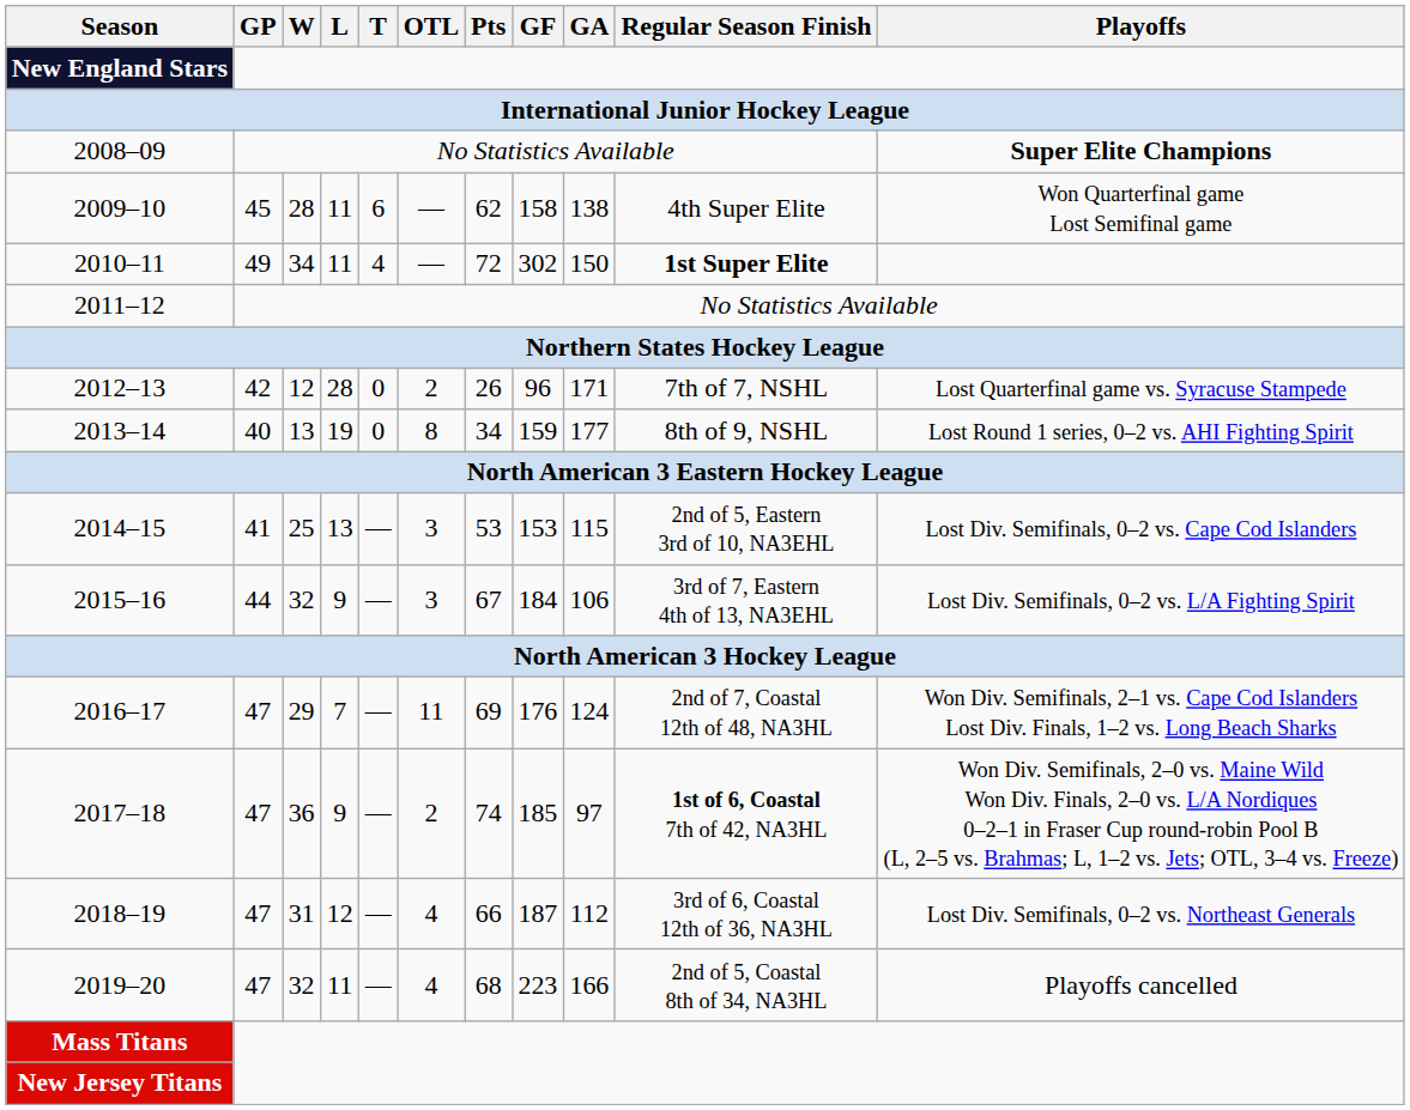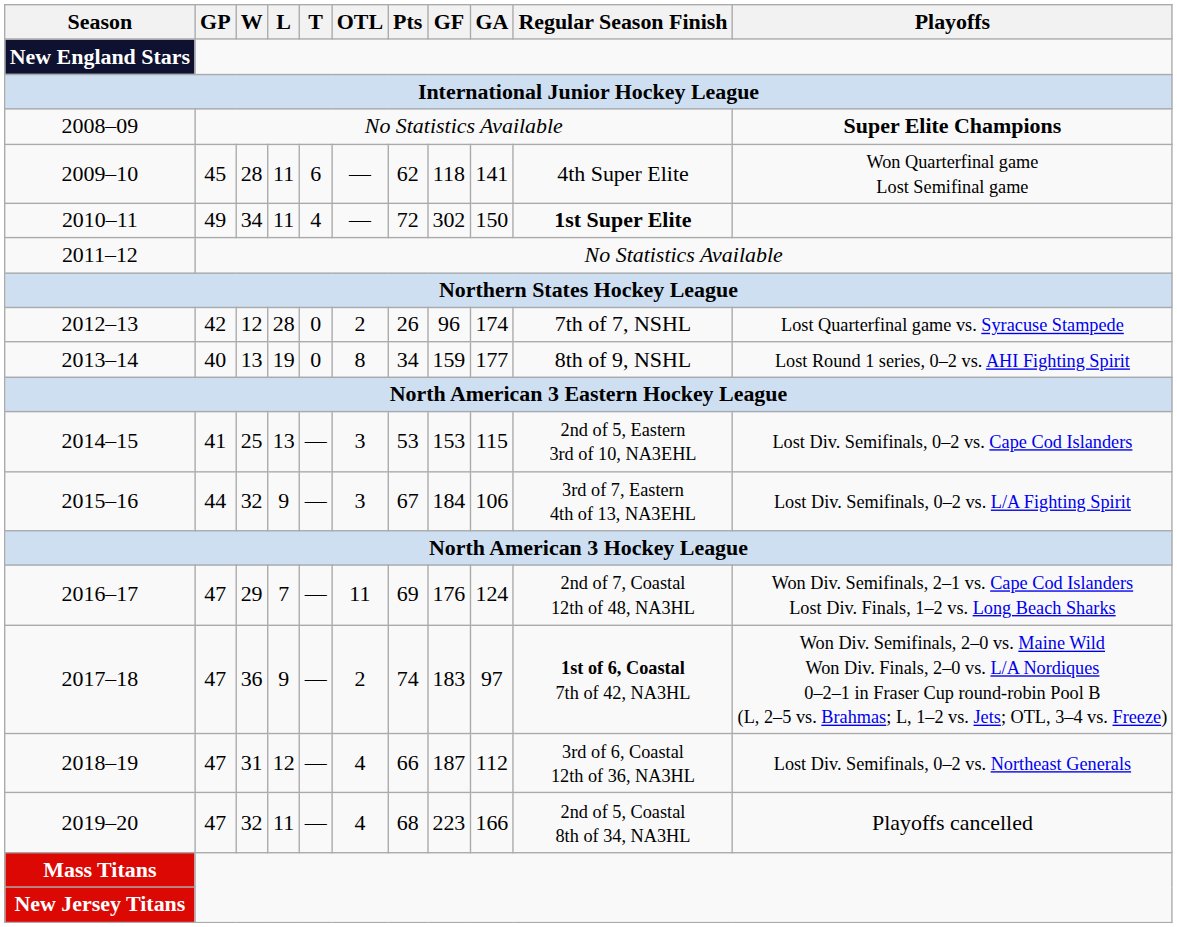 <table class="wikitable" style="text-align:center">
 <tr>
 <th>Season</th>
 <th>GP</th>
 <th>W</th>
 <th>L</th>
 <th>T</th>
 <th>OTL</th>
 <th>Pts</th>
 <th>GF</th>
 <th>GA</th>
 <th>Regular Season Finish</th>
 <th>Playoffs</th>
 </tr>
 <tr align="center">
 <td style="color:white; background:#0f1130; "><strong>New England Stars</strong></td>
 </tr>
 <tr style="background:#cedff2;">
 <td colspan="20"><strong>International Junior Hockey League</strong></td>
 </tr>
 <tr>
 <td>2008–09</td>
 <td colspan="9"><em>No Statistics Available</em></td>
 <td><strong>Super Elite Champions</strong></td>
 </tr>
 <tr>
 <td>2009–10</td>
 <td>45</td>
 <td>28</td>
 <td>11</td>
 <td>6</td>
 <td>—</td>
 <td>62</td>
-<td>158</td>
-<td>138</td>
+<td>118</td>
+<td>141</td>
 <td>4th Super Elite</td>
 <td><small>Won Quarterfinal game<br>Lost Semifinal game</small></td>
 </tr>
 <tr>
 <td>2010–11</td>
 <td>49</td>
 <td>34</td>
 <td>11</td>
 <td>4</td>
 <td>—</td>
 <td>72</td>
 <td>302</td>
 <td>150</td>
 <td><strong>1st Super Elite</strong></td>
 <td></td>
 </tr>
 <tr>
 <td>2011–12</td>
 <td colspan="10"><em>No Statistics Available</em></td>
 </tr>
 <tr style="background:#cedff2;">
 <td colspan="20"><strong>Northern States Hockey League</strong></td>
 </tr>
 <tr>
 <td>2012–13</td>
 <td>42</td>
 <td>12</td>
 <td>28</td>
 <td>0</td>
 <td>2</td>
 <td>26</td>
 <td>96</td>
-<td>171</td>
+<td>174</td>
 <td>7th of 7, NSHL</td>
 <td><small>Lost Quarterfinal game vs. <a href='#'>Syracuse Stampede</a></small></td>
 </tr>
 <tr>
 <td>2013–14</td>
 <td>40</td>
 <td>13</td>
 <td>19</td>
 <td>0</td>
 <td>8</td>
 <td>34</td>
 <td>159</td>
 <td>177</td>
 <td>8th of 9, NSHL</td>
 <td><small>Lost Round 1 series, 0–2 vs. <a href='#'>AHI Fighting Spirit</a></small></td>
 </tr>
 <tr style="background:#cedff2;">
 <td colspan="20"><strong>North American 3 Eastern Hockey League</strong></td>
 </tr>
 <tr>
 <td>2014–15</td>
 <td>41</td>
 <td>25</td>
 <td>13</td>
 <td>—</td>
 <td>3</td>
 <td>53</td>
 <td>153</td>
 <td>115</td>
 <td><small>2nd of 5, Eastern<br>3rd of 10, NA3EHL</small></td>
 <td><small>Lost Div. Semifinals, 0–2 vs. <a href='#'>Cape Cod Islanders</a></small></td>
 </tr>
 <tr>
 <td>2015–16</td>
 <td>44</td>
 <td>32</td>
 <td>9</td>
 <td>—</td>
 <td>3</td>
 <td>67</td>
 <td>184</td>
 <td>106</td>
 <td><small>3rd of 7, Eastern<br>4th of 13, NA3EHL</small></td>
 <td><small>Lost Div. Semifinals, 0–2 vs. <a href='#'>L/A Fighting Spirit</a></small></td>
 </tr>
 <tr style="background:#cedff2;">
 <td colspan="20"><strong>North American 3 Hockey League</strong></td>
 </tr>
 <tr>
 <td>2016–17</td>
 <td>47</td>
 <td>29</td>
 <td>7</td>
 <td>—</td>
 <td>11</td>
 <td>69</td>
 <td>176</td>
 <td>124</td>
 <td><small>2nd of 7, Coastal<br>12th of 48, NA3HL</small></td>
 <td><small>Won Div. Semifinals, 2–1 vs. <a href='#'>Cape Cod Islanders</a><br>Lost Div. Finals, 1–2 vs. <a href='#'>Long Beach Sharks</a></small></td>
 </tr>
 <tr>
 <td>2017–18</td>
 <td>47</td>
 <td>36</td>
 <td>9</td>
 <td>—</td>
 <td>2</td>
 <td>74</td>
-<td>185</td>
+<td>183</td>
 <td>97</td>
 <td><small><strong>1st of 6, Coastal</strong><br>7th of 42, NA3HL</small></td>
 <td><small>Won Div. Semifinals, 2–0 vs. <a href='#'>Maine Wild</a><br>Won Div. Finals, 2–0 vs. <a href='#'>L/A Nordiques</a><br>0–2–1 in Fraser Cup round-robin Pool B<br>(L, 2–5 vs. <a href='#'>Brahmas</a>; L, 1–2 vs. <a href='#'>Jets</a>; OTL, 3–4 vs. <a href='#'>Freeze</a>)</small></td>
 </tr>
 <tr>
 <td>2018–19</td>
 <td>47</td>
 <td>31</td>
 <td>12</td>
 <td>—</td>
 <td>4</td>
 <td>66</td>
 <td>187</td>
 <td>112</td>
 <td><small>3rd of 6, Coastal<br>12th of 36, NA3HL</small></td>
 <td><small>Lost Div. Semifinals, 0–2 vs. <a href='#'>Northeast Generals</a></small></td>
 </tr>
 <tr>
 <td>2019–20</td>
 <td>47</td>
 <td>32</td>
 <td>11</td>
 <td>—</td>
 <td>4</td>
 <td>68</td>
 <td>223</td>
 <td>166</td>
 <td><small>2nd of 5, Coastal<br>8th of 34, NA3HL</small></td>
 <td>Playoffs cancelled</td>
 </tr>
 <tr align="center">
 <td style="color:white; background:#DC0804; "><strong>Mass Titans</strong></td>
 </tr>
 <tr align="center">
 <td style="color:white; background:#DC0804; "><strong>New Jersey Titans</strong></td>
 </tr>
 </table>
